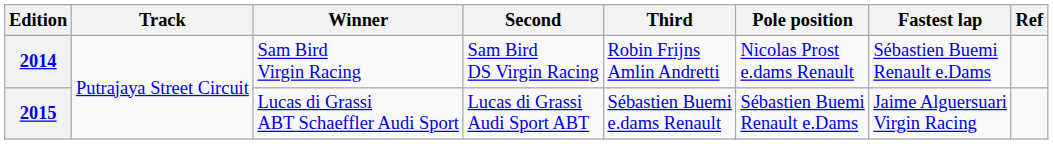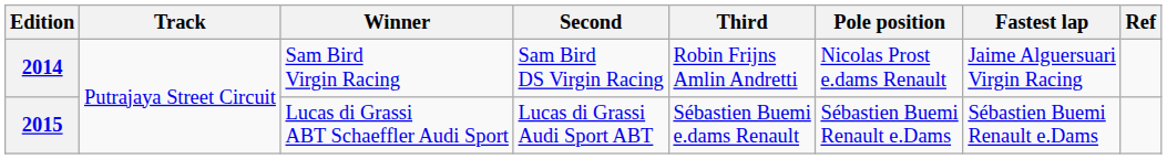 <table Class = "wikitable" style = "font-size: 90%;">
 <tr>
 <th>Edition</th>
 <th>Track</th>
 <th>Winner</th>
 <th>Second</th>
 <th>Third</th>
 <th>Pole position</th>
 <th>Fastest lap</th>
 <th>Ref</th>
 </tr>
 <tr>
 <th><a href='#'>2014</a></th>
 <td rowspan=2><a href='#'>Putrajaya Street Circuit</a></td>
 <td> <a href='#'>Sam Bird</a><br><a href='#'>Virgin Racing</a></td>
 <td> <a href='#'>Sam Bird</a><br><a href='#'>DS Virgin Racing</a></td>
 <td> <a href='#'>Robin Frijns</a><br><a href='#'>Amlin Andretti</a></td>
 <td> <a href='#'>Nicolas Prost</a><br><a href='#'>e.dams Renault</a></td>
-<td> <a href='#'>Sébastien Buemi</a><br><a href='#'>Renault e.Dams</a></td>
+<td> <a href='#'>Jaime Alguersuari</a><br><a href='#'>Virgin Racing</a></td>
 <td align="center"></td>
 </tr>
 <tr>
 <th><a href='#'>2015</a></th>
 <td> <a href='#'>Lucas di Grassi</a><br><a href='#'>ABT Schaeffler Audi Sport</a></td>
 <td> <a href='#'>Lucas di Grassi</a><br><a href='#'>Audi Sport ABT</a></td>
 <td> <a href='#'>Sébastien Buemi</a><br><a href='#'>e.dams Renault</a></td>
 <td> <a href='#'>Sébastien Buemi</a><br><a href='#'>Renault e.Dams</a></td>
-<td> <a href='#'>Jaime Alguersuari</a><br><a href='#'>Virgin Racing</a></td>
+<td> <a href='#'>Sébastien Buemi</a><br><a href='#'>Renault e.Dams</a></td>
 <td align="center"></td>
 </tr>
 </table>
